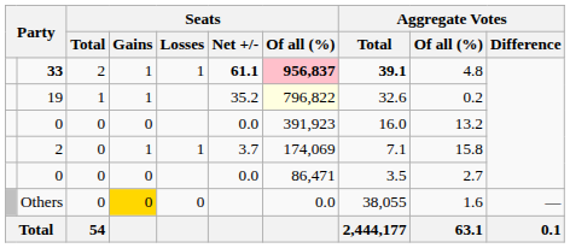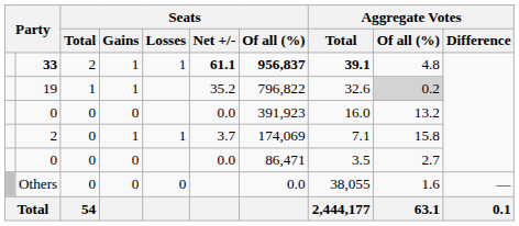 <table class="wikitable sortable" style="text-align:right; font-size:95%;">
 <tr>
 <th colspan="2" rowspan="2">Party</th>
 <th colspan="5">Seats</th>
 <th colspan="3">Aggregate Votes</th>
 </tr>
 <tr>
 <th>Total</th>
 <th>Gains</th>
 <th>Losses</th>
 <th>Net +/-</th>
 <th>Of all (%)</th>
 <th>Total</th>
 <th>Of all (%)</th>
 <th>Difference</th>
 </tr>
 <tr>
 <td></td>
 <td><strong>33</strong></td>
 <td>2</td>
 <td>1</td>
 <td>1</td>
 <td><strong>61.1</strong></td>
-<td style="background: pink;"><strong>956,837</strong></td>
+<td><strong>956,837</strong></td>
 <td><strong>39.1</strong></td>
 <td>4.8</td>
 </tr>
 <tr>
 <td></td>
 <td>19</td>
 <td>1</td>
 <td>1</td>
 <td></td>
 <td>35.2</td>
-<td style="background: lightyellow;">796,822</td>
+<td>796,822</td>
 <td>32.6</td>
-<td>0.2</td>
+<td style="background: lightgrey;">0.2</td>
 </tr>
 <tr>
 <td></td>
 <td>0</td>
 <td>0</td>
 <td>0</td>
 <td></td>
 <td>0.0</td>
 <td>391,923</td>
 <td>16.0</td>
 <td>13.2</td>
 </tr>
 <tr>
 <td></td>
 <td>2</td>
 <td>0</td>
 <td>1</td>
 <td>1</td>
 <td>3.7</td>
 <td>174,069</td>
 <td>7.1</td>
 <td>15.8</td>
 </tr>
 <tr>
 <td></td>
 <td>0</td>
 <td>0</td>
 <td>0</td>
 <td></td>
 <td>0.0</td>
 <td>86,471</td>
 <td>3.5</td>
 <td>2.7</td>
 </tr>
 <tr>
 <td style="background:silver;"> </td>
 <td align=left>Others</td>
 <td>0</td>
-<td style="background: gold;">0</td>
+<td>0</td>
 <td>0</td>
 <td></td>
 <td>0.0</td>
 <td>38,055</td>
 <td>1.6</td>
 <td>—</td>
 </tr>
 <tr class="sortbottom">
 <th colspan="2" style="background:#f2f2f2"><strong>Total</strong></th>
 <td style="background:#f2f2f2;"><strong>54</strong></td>
 <td style="background:#f2f2f2;"></td>
 <td style="background:#f2f2f2;"></td>
 <td style="background:#f2f2f2;"></td>
 <td style="background:#f2f2f2;"></td>
 <td style="background:#f2f2f2;"><strong>2,444,177</strong></td>
 <td style="background:#f2f2f2;"><strong>63.1</strong></td>
 <td style="background:#f2f2f2;"><strong>0.1</strong></td>
 </tr>
 </table>
